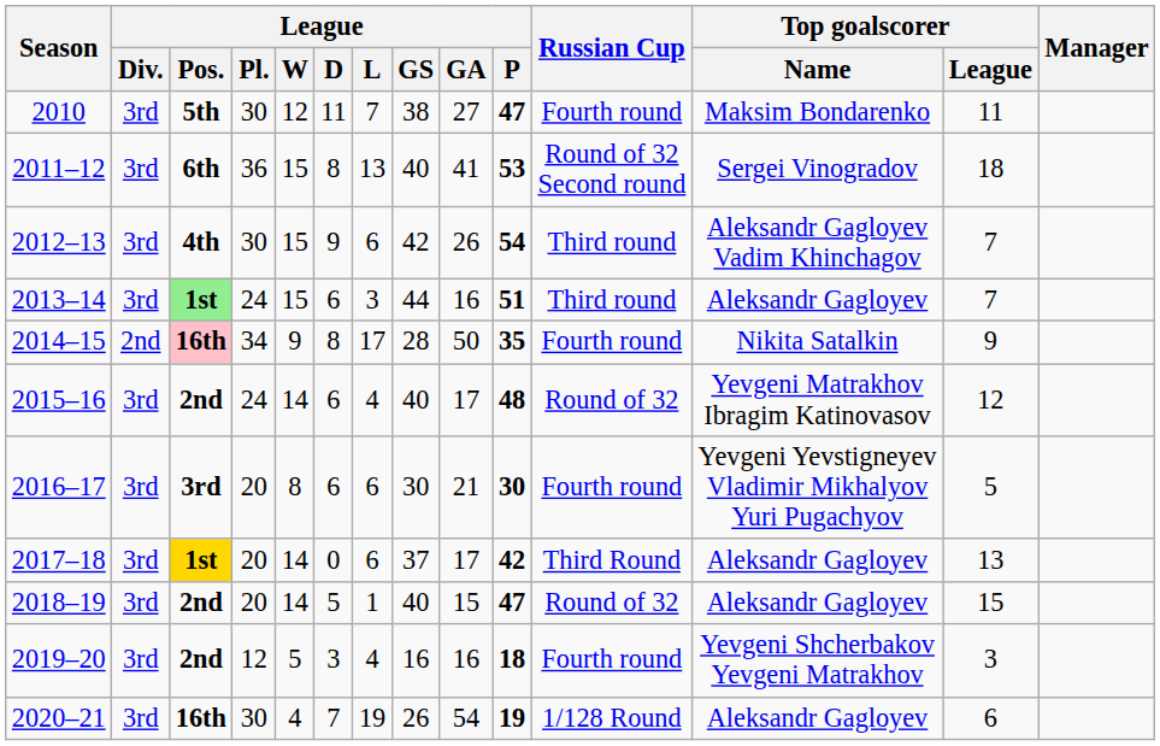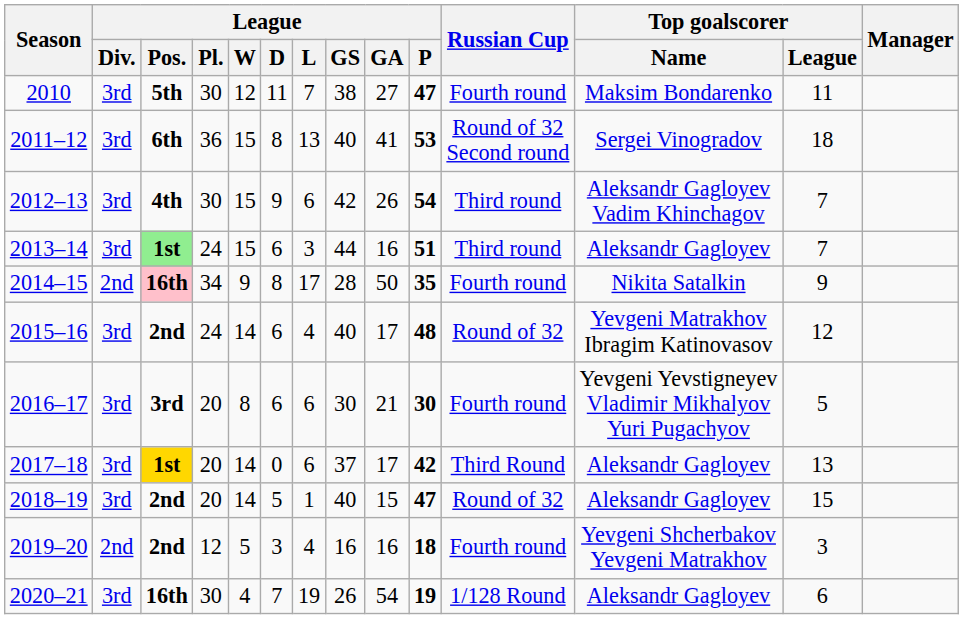 <table class="wikitable mw-collapsible mw-collapsed">
 <tr style="background:#efefef;">
 <th rowspan="2">Season</th>
 <th colspan="9">League</th>
 <th rowspan="2"><a href='#'>Russian Cup</a></th>
 <th colspan="2">Top goalscorer</th>
 <th rowspan="2">Manager</th>
 </tr>
 <tr>
 <th>Div.</th>
 <th>Pos.</th>
 <th>Pl.</th>
 <th>W</th>
 <th>D</th>
 <th>L</th>
 <th>GS</th>
 <th>GA</th>
 <th>P</th>
 <th>Name</th>
 <th>League</th>
 </tr>
 <tr>
 <td align=center><a href='#'>2010</a></td>
 <td align=center><a href='#'>3rd</a></td>
 <td style="text-align:center;"><strong>5th</strong></td>
 <td align=center>30</td>
 <td align=center>12</td>
 <td align=center>11</td>
 <td align=center>7</td>
 <td align=center>38</td>
 <td align=center>27</td>
 <td align=center><strong>47</strong></td>
 <td style="text-align:center"><a href='#'>Fourth round</a></td>
 <td align=center><a href='#'>Maksim Bondarenko</a></td>
 <td align=center>11</td>
 <td align=center></td>
 </tr>
 <tr>
 <td align=center><a href='#'>2011–12</a></td>
 <td align=center><a href='#'>3rd</a></td>
 <td style="text-align:center;"><strong>6th</strong></td>
 <td align=center>36</td>
 <td align=center>15</td>
 <td align=center>8</td>
 <td align=center>13</td>
 <td align=center>40</td>
 <td align=center>41</td>
 <td align=center><strong>53</strong></td>
 <td style="text-align:center"><a href='#'>Round of 32</a> <br> <a href='#'>Second round</a></td>
 <td align=center><a href='#'>Sergei Vinogradov</a></td>
 <td align=center>18</td>
 <td align=center></td>
 </tr>
 <tr>
 <td align=center><a href='#'>2012–13</a></td>
 <td align=center><a href='#'>3rd</a></td>
 <td style="text-align:center;"><strong>4th</strong></td>
 <td align=center>30</td>
 <td align=center>15</td>
 <td align=center>9</td>
 <td align=center>6</td>
 <td align=center>42</td>
 <td align=center>26</td>
 <td align=center><strong>54</strong></td>
 <td style="text-align:center"><a href='#'>Third round</a></td>
 <td align=center><a href='#'>Aleksandr Gagloyev</a> <br> <a href='#'>Vadim Khinchagov</a></td>
 <td align=center>7</td>
 <td align=center></td>
 </tr>
 <tr>
 <td align=center><a href='#'>2013–14</a></td>
 <td align=center><a href='#'>3rd</a></td>
 <td style="text-align:center; background:lightgreen;"><strong>1st</strong></td>
 <td align=center>24</td>
 <td align=center>15</td>
 <td align=center>6</td>
 <td align=center>3</td>
 <td align=center>44</td>
 <td align=center>16</td>
 <td align=center><strong>51</strong></td>
 <td style="text-align:center"><a href='#'>Third round</a></td>
 <td align=center><a href='#'>Aleksandr Gagloyev</a></td>
 <td align=center>7</td>
 <td align=center></td>
 </tr>
 <tr>
 <td align=center><a href='#'>2014–15</a></td>
 <td align=center><a href='#'>2nd</a></td>
 <td style="text-align:center; background:pink;"><strong>16th</strong></td>
 <td align=center>34</td>
 <td align=center>9</td>
 <td align=center>8</td>
 <td align=center>17</td>
 <td align=center>28</td>
 <td align=center>50</td>
 <td align=center><strong>35</strong></td>
 <td style="text-align:center"><a href='#'>Fourth round</a></td>
 <td align=center><a href='#'>Nikita Satalkin</a></td>
 <td align=center>9</td>
 <td align=center></td>
 </tr>
 <tr>
 <td align=center><a href='#'>2015–16</a></td>
 <td align=center><a href='#'>3rd</a></td>
 <td style="text-align:center;"><strong>2nd</strong></td>
 <td align=center>24</td>
 <td align=center>14</td>
 <td align=center>6</td>
 <td align=center>4</td>
 <td align=center>40</td>
 <td align=center>17</td>
 <td align=center><strong>48</strong></td>
 <td style="text-align:center"><a href='#'>Round of 32</a></td>
 <td align=center><a href='#'>Yevgeni Matrakhov</a> <br> Ibragim Katinovasov</td>
 <td align=center>12</td>
 <td align=center></td>
 </tr>
 <tr>
 <td align=center><a href='#'>2016–17</a></td>
 <td align=center><a href='#'>3rd</a></td>
 <td style="text-align:center;"><strong>3rd</strong></td>
 <td align=center>20</td>
 <td align=center>8</td>
 <td align=center>6</td>
 <td align=center>6</td>
 <td align=center>30</td>
 <td align=center>21</td>
 <td align=center><strong>30</strong></td>
 <td style="text-align:center"><a href='#'>Fourth round</a></td>
 <td align=center>Yevgeni Yevstigneyev <br> <a href='#'>Vladimir Mikhalyov</a> <br> <a href='#'>Yuri Pugachyov</a></td>
 <td align=center>5</td>
 <td align=center></td>
 </tr>
 <tr>
 <td align=center><a href='#'>2017–18</a></td>
 <td align=center><a href='#'>3rd</a></td>
 <td style="text-align:center; background:gold;"><strong>1st</strong></td>
 <td align=center>20</td>
 <td align=center>14</td>
 <td align=center>0</td>
 <td align=center>6</td>
 <td align=center>37</td>
 <td align=center>17</td>
 <td align=center><strong>42</strong></td>
 <td style="text-align:center"><a href='#'>Third Round</a></td>
 <td align=center><a href='#'>Aleksandr Gagloyev</a></td>
 <td align=center>13</td>
 <td align=center></td>
 </tr>
 <tr>
 <td align=center><a href='#'>2018–19</a></td>
 <td align=center><a href='#'>3rd</a></td>
 <td style="text-align:center;"><strong>2nd</strong></td>
 <td align=center>20</td>
 <td align=center>14</td>
 <td align=center>5</td>
 <td align=center>1</td>
 <td align=center>40</td>
 <td align=center>15</td>
 <td align=center><strong>47</strong></td>
 <td style="text-align:center"><a href='#'>Round of 32</a></td>
 <td align=center><a href='#'>Aleksandr Gagloyev</a></td>
 <td align=center>15</td>
 <td align=center></td>
 </tr>
 <tr>
 <td align=center><a href='#'>2019–20</a></td>
-<td align=center><a href='#'>3rd</a></td>
+<td align=center><a href='#'>2nd</a></td>
 <td style="text-align:center;"><strong>2nd</strong></td>
 <td align=center>12</td>
 <td align=center>5</td>
 <td align=center>3</td>
 <td align=center>4</td>
 <td align=center>16</td>
 <td align=center>16</td>
 <td align=center><strong>18</strong></td>
 <td style="text-align:center"><a href='#'>Fourth round</a></td>
 <td align=center><a href='#'>Yevgeni Shcherbakov</a> <br> <a href='#'>Yevgeni Matrakhov</a></td>
 <td align=center>3</td>
 <td align=center></td>
 </tr>
 <tr>
 <td align=center><a href='#'>2020–21</a></td>
 <td align=center><a href='#'>3rd</a></td>
 <td style="text-align:center;"><strong>16th</strong></td>
 <td align=center>30</td>
 <td align=center>4</td>
 <td align=center>7</td>
 <td align=center>19</td>
 <td align=center>26</td>
 <td align=center>54</td>
 <td align=center><strong>19</strong></td>
 <td style="text-align:center"><a href='#'>1/128 Round</a></td>
 <td align=center><a href='#'>Aleksandr Gagloyev</a></td>
 <td align=center>6</td>
 <td align=center></td>
 </tr>
 </table>
